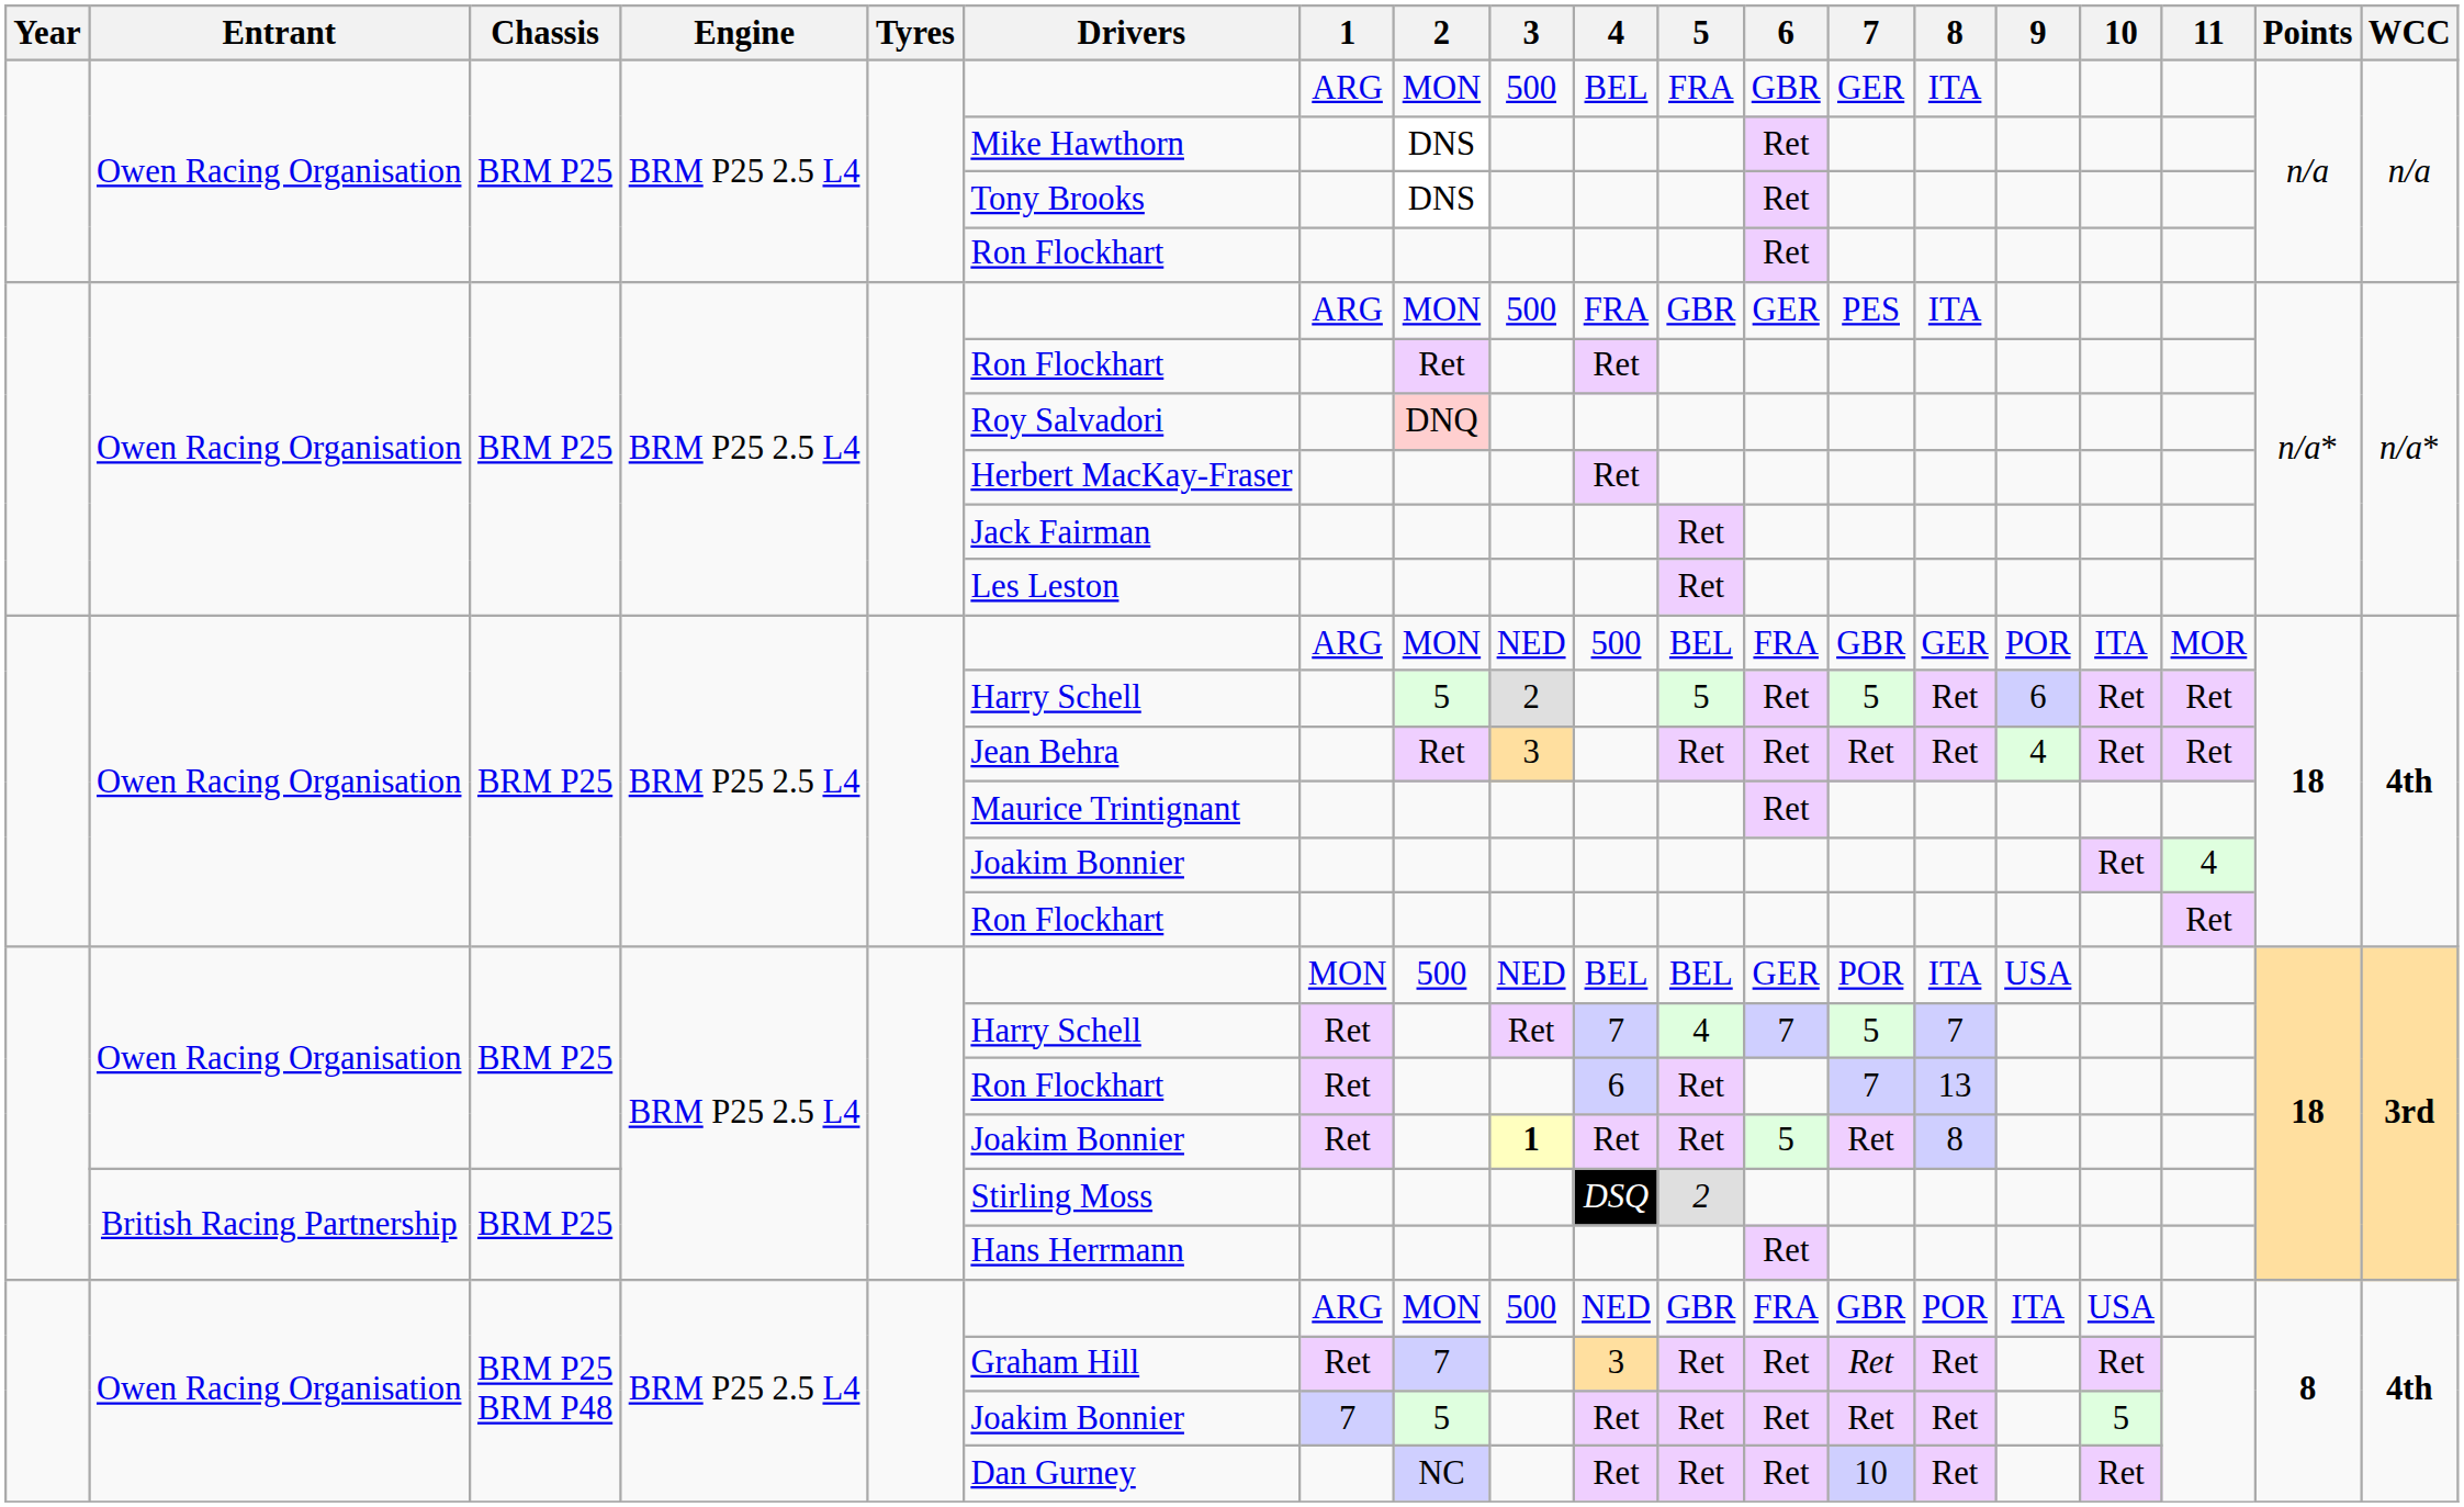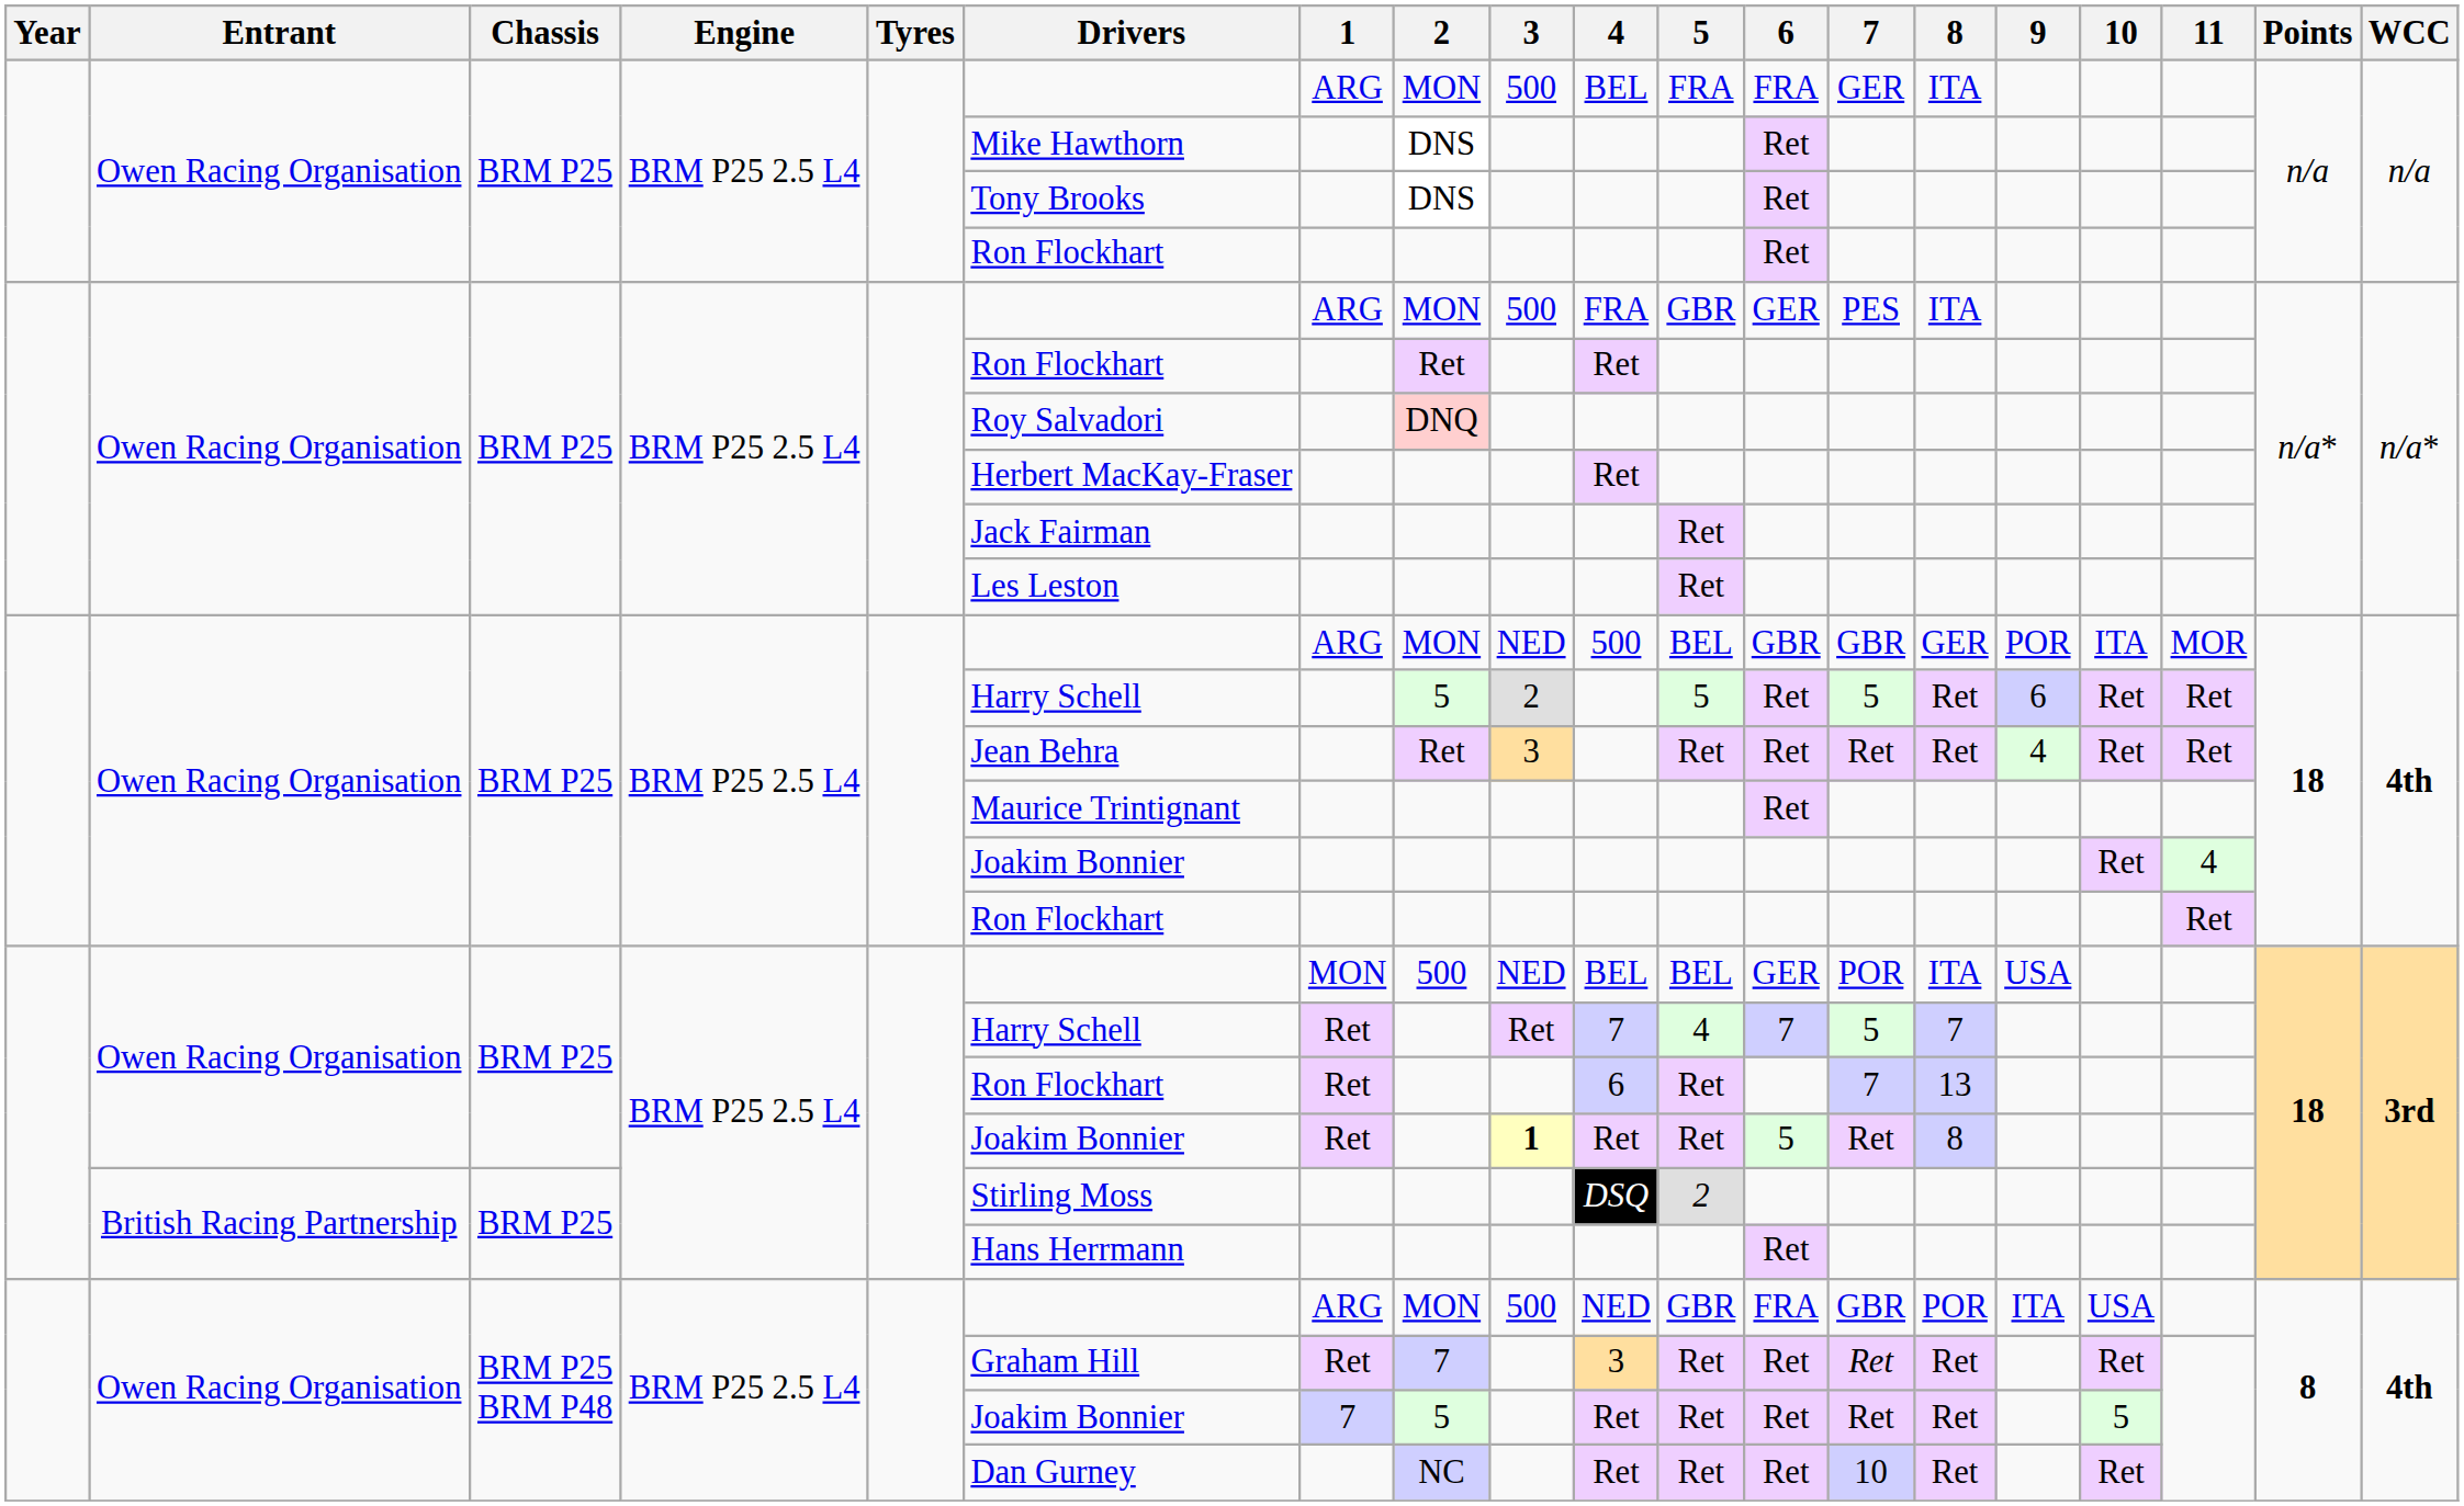 <table class="wikitable" style="text-align:center; font-size:85%">
 <tr>
 <th>Year</th>
 <th>Entrant</th>
 <th>Chassis</th>
 <th>Engine</th>
 <th>Tyres</th>
 <th>Drivers</th>
 <th>1</th>
 <th>2</th>
 <th>3</th>
 <th>4</th>
 <th>5</th>
 <th>6</th>
 <th>7</th>
 <th>8</th>
 <th>9</th>
 <th>10</th>
 <th>11</th>
 <th>Points</th>
 <th>WCC</th>
 </tr>
 <tr>
 <td rowspan="4"></td>
 <td rowspan="4"><a href='#'>Owen Racing Organisation</a></td>
 <td rowspan="4"><a href='#'>BRM P25</a></td>
 <td rowspan="4"><a href='#'>BRM</a> P25 2.5 <a href='#'>L4</a></td>
 <td rowspan="4"></td>
 <td></td>
 <td><a href='#'>ARG</a></td>
 <td><a href='#'>MON</a></td>
 <td><a href='#'>500</a></td>
 <td><a href='#'>BEL</a></td>
 <td><a href='#'>FRA</a></td>
-<td><a href='#'>GBR</a></td>
+<td><a href='#'>FRA</a></td>
 <td><a href='#'>GER</a></td>
 <td><a href='#'>ITA</a></td>
 <td></td>
 <td></td>
 <td></td>
 <td rowspan="4"><em>n/a</em></td>
 <td rowspan="4"><em>n/a</em></td>
 </tr>
 <tr>
 <td align="left"><a href='#'>Mike Hawthorn</a></td>
 <td></td>
 <td style="background:#ffffff;">DNS</td>
 <td></td>
 <td></td>
 <td></td>
 <td style="background:#EFCFFF;">Ret</td>
 <td></td>
 <td></td>
 <td></td>
 <td></td>
 <td></td>
 </tr>
 <tr>
 <td align="left"><a href='#'>Tony Brooks</a></td>
 <td></td>
 <td style="background:#ffffff;">DNS</td>
 <td></td>
 <td></td>
 <td></td>
 <td style="background:#EFCFFF;">Ret</td>
 <td></td>
 <td></td>
 <td></td>
 <td></td>
 <td></td>
 </tr>
 <tr>
 <td align="left"><a href='#'>Ron Flockhart</a></td>
 <td></td>
 <td></td>
 <td></td>
 <td></td>
 <td></td>
 <td style="background:#EFCFFF;">Ret</td>
 <td></td>
 <td></td>
 <td></td>
 <td></td>
 <td></td>
 </tr>
 <tr>
 <td rowspan="6"></td>
 <td rowspan="6"><a href='#'>Owen Racing Organisation</a></td>
 <td rowspan="6"><a href='#'>BRM P25</a></td>
 <td rowspan="6"><a href='#'>BRM</a> P25 2.5 <a href='#'>L4</a></td>
 <td rowspan="6"></td>
 <td></td>
 <td><a href='#'>ARG</a></td>
 <td><a href='#'>MON</a></td>
 <td><a href='#'>500</a></td>
 <td><a href='#'>FRA</a></td>
 <td><a href='#'>GBR</a></td>
 <td><a href='#'>GER</a></td>
 <td><a href='#'>PES</a></td>
 <td><a href='#'>ITA</a></td>
 <td></td>
 <td></td>
 <td></td>
 <td rowspan="6"><em>n/a</em>*</td>
 <td rowspan="6"><em>n/a</em>*</td>
 </tr>
 <tr>
 <td align="left"><a href='#'>Ron Flockhart</a></td>
 <td></td>
 <td style="background:#EFCFFF;">Ret</td>
 <td></td>
 <td style="background:#EFCFFF;">Ret</td>
 <td></td>
 <td></td>
 <td></td>
 <td></td>
 <td></td>
 <td></td>
 <td></td>
 </tr>
 <tr>
 <td align="left"><a href='#'>Roy Salvadori</a></td>
 <td></td>
 <td style="background:#FFCFCF;">DNQ</td>
 <td></td>
 <td></td>
 <td></td>
 <td></td>
 <td></td>
 <td></td>
 <td></td>
 <td></td>
 <td></td>
 </tr>
 <tr>
 <td align="left"><a href='#'>Herbert MacKay-Fraser</a></td>
 <td></td>
 <td></td>
 <td></td>
 <td style="background:#EFCFFF;">Ret</td>
 <td></td>
 <td></td>
 <td></td>
 <td></td>
 <td></td>
 <td></td>
 <td></td>
 </tr>
 <tr>
 <td align="left"><a href='#'>Jack Fairman</a></td>
 <td></td>
 <td></td>
 <td></td>
 <td></td>
 <td style="background:#EFCFFF;">Ret</td>
 <td></td>
 <td></td>
 <td></td>
 <td></td>
 <td></td>
 <td></td>
 </tr>
 <tr>
 <td align="left"><a href='#'>Les Leston</a></td>
 <td></td>
 <td></td>
 <td></td>
 <td></td>
 <td style="background:#EFCFFF;">Ret</td>
 <td></td>
 <td></td>
 <td></td>
 <td></td>
 <td></td>
 <td></td>
 </tr>
 <tr>
 <td rowspan="6"></td>
 <td rowspan="6"><a href='#'>Owen Racing Organisation</a></td>
 <td rowspan="6"><a href='#'>BRM P25</a></td>
 <td rowspan="6"><a href='#'>BRM</a> P25 2.5 <a href='#'>L4</a></td>
 <td rowspan="6"></td>
 <td></td>
 <td><a href='#'>ARG</a></td>
 <td><a href='#'>MON</a></td>
 <td><a href='#'>NED</a></td>
 <td><a href='#'>500</a></td>
 <td><a href='#'>BEL</a></td>
-<td><a href='#'>FRA</a></td>
+<td><a href='#'>GBR</a></td>
 <td><a href='#'>GBR</a></td>
 <td><a href='#'>GER</a></td>
 <td><a href='#'>POR</a></td>
 <td><a href='#'>ITA</a></td>
 <td><a href='#'>MOR</a></td>
 <td rowspan="6"><strong>18</strong></td>
 <td rowspan="6"><strong>4th</strong></td>
 </tr>
 <tr>
 <td align="left"><a href='#'>Harry Schell</a></td>
 <td></td>
 <td style="background:#DFFFDF;">5</td>
 <td style="background:#DFDFDF;">2</td>
 <td></td>
 <td style="background:#DFFFDF;">5</td>
 <td style="background:#EFCFFF;">Ret</td>
 <td style="background:#DFFFDF;">5</td>
 <td style="background:#EFCFFF;">Ret</td>
 <td style="background:#CFCFFF;">6</td>
 <td style="background:#EFCFFF;">Ret</td>
 <td style="background:#EFCFFF;">Ret</td>
 </tr>
 <tr>
 <td align="left"><a href='#'>Jean Behra</a></td>
 <td></td>
 <td style="background:#EFCFFF;">Ret</td>
 <td style="background:#FFDF9F;">3</td>
 <td></td>
 <td style="background:#EFCFFF;">Ret</td>
 <td style="background:#EFCFFF;">Ret</td>
 <td style="background:#EFCFFF;">Ret</td>
 <td style="background:#EFCFFF;">Ret</td>
 <td style="background:#DFFFDF;">4</td>
 <td style="background:#EFCFFF;">Ret</td>
 <td style="background:#EFCFFF;">Ret</td>
 </tr>
 <tr>
 <td align="left"><a href='#'>Maurice Trintignant</a></td>
 <td></td>
 <td></td>
 <td></td>
 <td></td>
 <td></td>
 <td style="background:#EFCFFF;">Ret</td>
 <td></td>
 <td></td>
 <td></td>
 <td></td>
 <td></td>
 </tr>
 <tr>
 <td align="left"><a href='#'>Joakim Bonnier</a></td>
 <td></td>
 <td></td>
 <td></td>
 <td></td>
 <td></td>
 <td></td>
 <td></td>
 <td></td>
 <td></td>
 <td style="background:#EFCFFF;">Ret</td>
 <td style="background:#DFFFDF;">4</td>
 </tr>
 <tr>
 <td align="left"><a href='#'>Ron Flockhart</a></td>
 <td></td>
 <td></td>
 <td></td>
 <td></td>
 <td></td>
 <td></td>
 <td></td>
 <td></td>
 <td></td>
 <td></td>
 <td style="background:#EFCFFF;">Ret</td>
 </tr>
 <tr>
 <td rowspan="6"></td>
 <td rowspan="4"><a href='#'>Owen Racing Organisation</a></td>
 <td rowspan="4"><a href='#'>BRM P25</a></td>
 <td rowspan="6"><a href='#'>BRM</a> P25 2.5 <a href='#'>L4</a></td>
 <td rowspan="6"></td>
 <td></td>
 <td><a href='#'>MON</a></td>
 <td><a href='#'>500</a></td>
 <td><a href='#'>NED</a></td>
 <td><a href='#'>BEL</a></td>
 <td><a href='#'>BEL</a></td>
 <td><a href='#'>GER</a></td>
 <td><a href='#'>POR</a></td>
 <td><a href='#'>ITA</a></td>
 <td><a href='#'>USA</a></td>
 <td></td>
 <td></td>
 <td rowspan="6" style="background:#FFDF9F;"><strong>18</strong></td>
 <td rowspan="6" style="background:#FFDF9F;"><strong>3rd</strong></td>
 </tr>
 <tr>
 <td align="left"><a href='#'>Harry Schell</a></td>
 <td style="background:#EFCFFF;">Ret</td>
 <td></td>
 <td style="background:#EFCFFF;">Ret</td>
 <td style="background:#CFCFFF;">7</td>
 <td style="background:#DFFFDF;">4</td>
 <td style="background:#CFCFFF;">7</td>
 <td style="background:#DFFFDF;">5</td>
 <td style="background:#CFCFFF;">7</td>
 <td></td>
 <td></td>
 <td></td>
 </tr>
 <tr>
 <td align="left"><a href='#'>Ron Flockhart</a></td>
 <td style="background:#EFCFFF;">Ret</td>
 <td></td>
 <td></td>
 <td style="background:#CFCFFF;">6</td>
 <td style="background:#EFCFFF;">Ret</td>
 <td></td>
 <td style="background:#CFCFFF;">7</td>
 <td style="background:#CFCFFF;">13</td>
 <td></td>
 <td></td>
 <td></td>
 </tr>
 <tr>
 <td align="left"><a href='#'>Joakim Bonnier</a></td>
 <td style="background:#EFCFFF;">Ret</td>
 <td></td>
 <td style="background:#FFFFBF;"><strong>1</strong></td>
 <td style="background:#EFCFFF;">Ret</td>
 <td style="background:#EFCFFF;">Ret</td>
 <td style="background:#DFFFDF;">5</td>
 <td style="background:#EFCFFF;">Ret</td>
 <td style="background:#CFCFFF;">8</td>
 <td></td>
 <td></td>
 <td></td>
 </tr>
 <tr>
 <td rowspan="2"><a href='#'>British Racing Partnership</a></td>
 <td rowspan="2"><a href='#'>BRM P25</a></td>
 <td align="left"><a href='#'>Stirling Moss</a></td>
 <td></td>
 <td></td>
 <td></td>
 <td style="background:#000000; color:white"><em>DSQ</em></td>
 <td style="background:#DFDFDF;"><em>2</em></td>
 <td></td>
 <td></td>
 <td></td>
 <td></td>
 <td></td>
 <td></td>
 </tr>
 <tr>
 <td align="left"><a href='#'>Hans Herrmann</a></td>
 <td></td>
 <td></td>
 <td></td>
 <td></td>
 <td></td>
 <td style="background:#EFCFFF;">Ret</td>
 <td></td>
 <td></td>
 <td></td>
 <td></td>
 <td></td>
 </tr>
 <tr>
 <td rowspan="4"></td>
 <td rowspan="4"><a href='#'>Owen Racing Organisation</a></td>
 <td rowspan="4"><a href='#'>BRM P25</a> <br> <a href='#'>BRM P48</a></td>
 <td rowspan="4"><a href='#'>BRM</a> P25 2.5 <a href='#'>L4</a></td>
 <td rowspan="4"></td>
 <td></td>
 <td><a href='#'>ARG</a></td>
 <td><a href='#'>MON</a></td>
 <td><a href='#'>500</a></td>
 <td><a href='#'>NED</a></td>
 <td><a href='#'>GBR</a></td>
 <td><a href='#'>FRA</a></td>
 <td><a href='#'>GBR</a></td>
 <td><a href='#'>POR</a></td>
 <td><a href='#'>ITA</a></td>
 <td><a href='#'>USA</a></td>
 <td></td>
 <td rowspan="4"><strong>8</strong></td>
 <td rowspan="4"><strong>4th</strong></td>
 </tr>
 <tr>
 <td align="left"><a href='#'>Graham Hill</a></td>
 <td style="background:#EFCFFF;">Ret</td>
 <td style="background:#CFCFFF;">7</td>
 <td></td>
 <td style="background:#FFDF9F;">3</td>
 <td style="background:#EFCFFF;">Ret</td>
 <td style="background:#EFCFFF;">Ret</td>
 <td style="background:#EFCFFF;"><em>Ret</em></td>
 <td style="background:#EFCFFF;">Ret</td>
 <td></td>
 <td style="background:#EFCFFF;">Ret</td>
 </tr>
 <tr>
 <td align="left"><a href='#'>Joakim Bonnier</a></td>
 <td style="background:#CFCFFF;">7</td>
 <td style="background:#DFFFDF;">5</td>
 <td></td>
 <td style="background:#EFCFFF;">Ret</td>
 <td style="background:#EFCFFF;">Ret</td>
 <td style="background:#EFCFFF;">Ret</td>
 <td style="background:#EFCFFF;">Ret</td>
 <td style="background:#EFCFFF;">Ret</td>
 <td></td>
 <td style="background:#DFFFDF;">5</td>
 </tr>
 <tr>
 <td align="left"><a href='#'>Dan Gurney</a></td>
 <td></td>
 <td style="background:#CFCFFF;">NC</td>
 <td></td>
 <td style="background:#EFCFFF;">Ret</td>
 <td style="background:#EFCFFF;">Ret</td>
 <td style="background:#EFCFFF;">Ret</td>
 <td style="background:#CFCFFF;">10</td>
 <td style="background:#EFCFFF;">Ret</td>
 <td></td>
 <td style="background:#EFCFFF;">Ret</td>
 </tr>
 <tr>
 </tr>
 </table>
